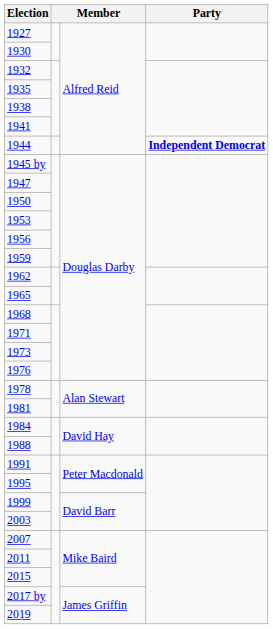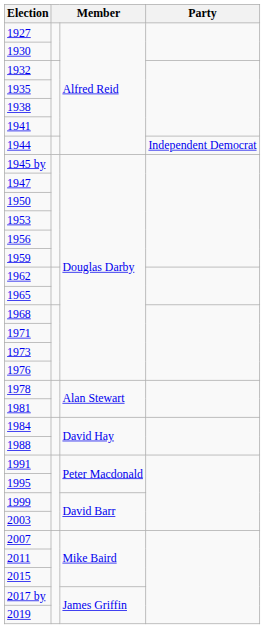 <table class="wikitable">
 <tr>
 <th>Election</th>
 <th colspan="2">Member</th>
 <th>Party</th>
 </tr>
 <tr>
 <td><a href='#'>1927</a></td>
 <td rowspan="2" > </td>
 <td rowspan="7"><a href='#'>Alfred Reid</a></td>
 <td rowspan="2"></td>
 </tr>
 <tr>
 <td><a href='#'>1930</a></td>
 </tr>
 <tr>
 <td><a href='#'>1932</a></td>
 <td rowspan="4" > </td>
 <td rowspan="4"></td>
 </tr>
 <tr>
 <td><a href='#'>1935</a></td>
 </tr>
 <tr>
 <td><a href='#'>1938</a></td>
 </tr>
 <tr>
 <td><a href='#'>1941</a></td>
 </tr>
 <tr>
 <td><a href='#'>1944</a></td>
 <td> </td>
-<td><strong><a href='#'>Independent Democrat</a></strong></td>
+<td><a href='#'>Independent Democrat</a></td>
 </tr>
 <tr>
 <td><a href='#'>1945 by</a></td>
 <td rowspan="6" > </td>
 <td rowspan="12"><a href='#'>Douglas Darby</a></td>
 <td rowspan="6"></td>
 </tr>
 <tr>
 <td><a href='#'>1947</a></td>
 </tr>
 <tr>
 <td><a href='#'>1950</a></td>
 </tr>
 <tr>
 <td><a href='#'>1953</a></td>
 </tr>
 <tr>
 <td><a href='#'>1956</a></td>
 </tr>
 <tr>
 <td><a href='#'>1959</a></td>
 </tr>
 <tr>
 <td><a href='#'>1962</a></td>
 <td rowspan="2" > </td>
 <td rowspan="2"></td>
 </tr>
 <tr>
 <td><a href='#'>1965</a></td>
 </tr>
 <tr>
 <td><a href='#'>1968</a></td>
 <td rowspan="4" > </td>
 <td rowspan="4"></td>
 </tr>
 <tr>
 <td><a href='#'>1971</a></td>
 </tr>
 <tr>
 <td><a href='#'>1973</a></td>
 </tr>
 <tr>
 <td><a href='#'>1976</a></td>
 </tr>
 <tr>
 <td><a href='#'>1978</a></td>
 <td rowspan="2" > </td>
 <td rowspan="2"><a href='#'>Alan Stewart</a></td>
 <td rowspan="2"></td>
 </tr>
 <tr>
 <td><a href='#'>1981</a></td>
 </tr>
 <tr>
 <td><a href='#'>1984</a></td>
 <td rowspan="2" > </td>
 <td rowspan="2"><a href='#'>David Hay</a></td>
 <td rowspan="2"></td>
 </tr>
 <tr>
 <td><a href='#'>1988</a></td>
 </tr>
 <tr>
 <td><a href='#'>1991</a></td>
 <td rowspan="4" > </td>
 <td rowspan="2"><a href='#'>Peter Macdonald</a></td>
 <td rowspan="4"></td>
 </tr>
 <tr>
 <td><a href='#'>1995</a></td>
 </tr>
 <tr>
 <td><a href='#'>1999</a></td>
 <td rowspan="2"><a href='#'>David Barr</a></td>
 </tr>
 <tr>
 <td><a href='#'>2003</a></td>
 </tr>
 <tr>
 <td><a href='#'>2007</a></td>
 <td rowspan="5" > </td>
 <td rowspan="3"><a href='#'>Mike Baird</a></td>
 <td rowspan="5"></td>
 </tr>
 <tr>
 <td><a href='#'>2011</a></td>
 </tr>
 <tr>
 <td><a href='#'>2015</a></td>
 </tr>
 <tr>
 <td><a href='#'>2017 by</a></td>
 <td rowspan="2"><a href='#'>James Griffin</a></td>
 </tr>
 <tr>
 <td><a href='#'>2019</a></td>
 </tr>
 </table>
